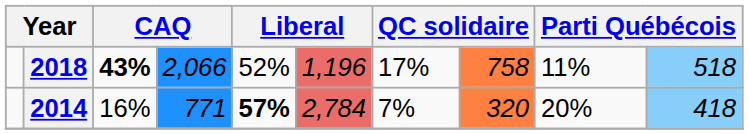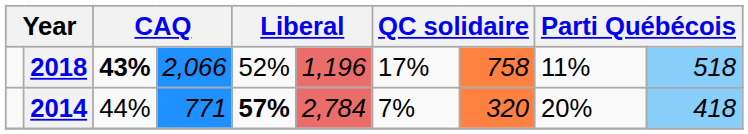 <table class="wikitable" style="float:right; width:400; font-size:90%; margin-left:1em;">
 <tr>
 <th colspan="2" scope="col">Year</th>
 <th colspan="2" scope="col"><a href='#'>CAQ</a></th>
 <th colspan="2" scope="col"><a href='#'>Liberal</a></th>
 <th colspan="2" scope="col"><a href='#'>QC solidaire</a></th>
 <th colspan="2" scope="col"><a href='#'>Parti Québécois</a></th>
 </tr>
 <tr>
 <td style="width: 0.25em; background-color: "></td>
 <th><a href='#'>2018</a></th>
 <td><strong>43%</strong></td>
 <td style="text-align:right; background:#1E90FF;"><em>2,066</em></td>
 <td>52%</td>
 <td style="text-align:right; background:#EA6D6A;"><em>1,196</em></td>
 <td>17%</td>
 <td style="text-align:right; background:#FF8040;"><em>758</em></td>
 <td>11%</td>
 <td style="text-align:right; background:#87CEFA;"><em>518</em></td>
 </tr>
 <tr>
 <td style="width: 0.25em; background-color: "></td>
 <th><a href='#'>2014</a></th>
-<td>16%</td>
+<td>44%</td>
 <td style="text-align:right; background:#1E90FF;"><em>771</em></td>
 <td><strong>57%</strong></td>
 <td style="text-align:right; background:#EA6D6A;"><em>2,784</em></td>
 <td>7%</td>
 <td style="text-align:right; background:#FF8040;"><em>320</em></td>
 <td>20%</td>
 <td style="text-align:right; background:#87CEFA;"><em>418</em></td>
 </tr>
 <tr>
 </tr>
 </table>
